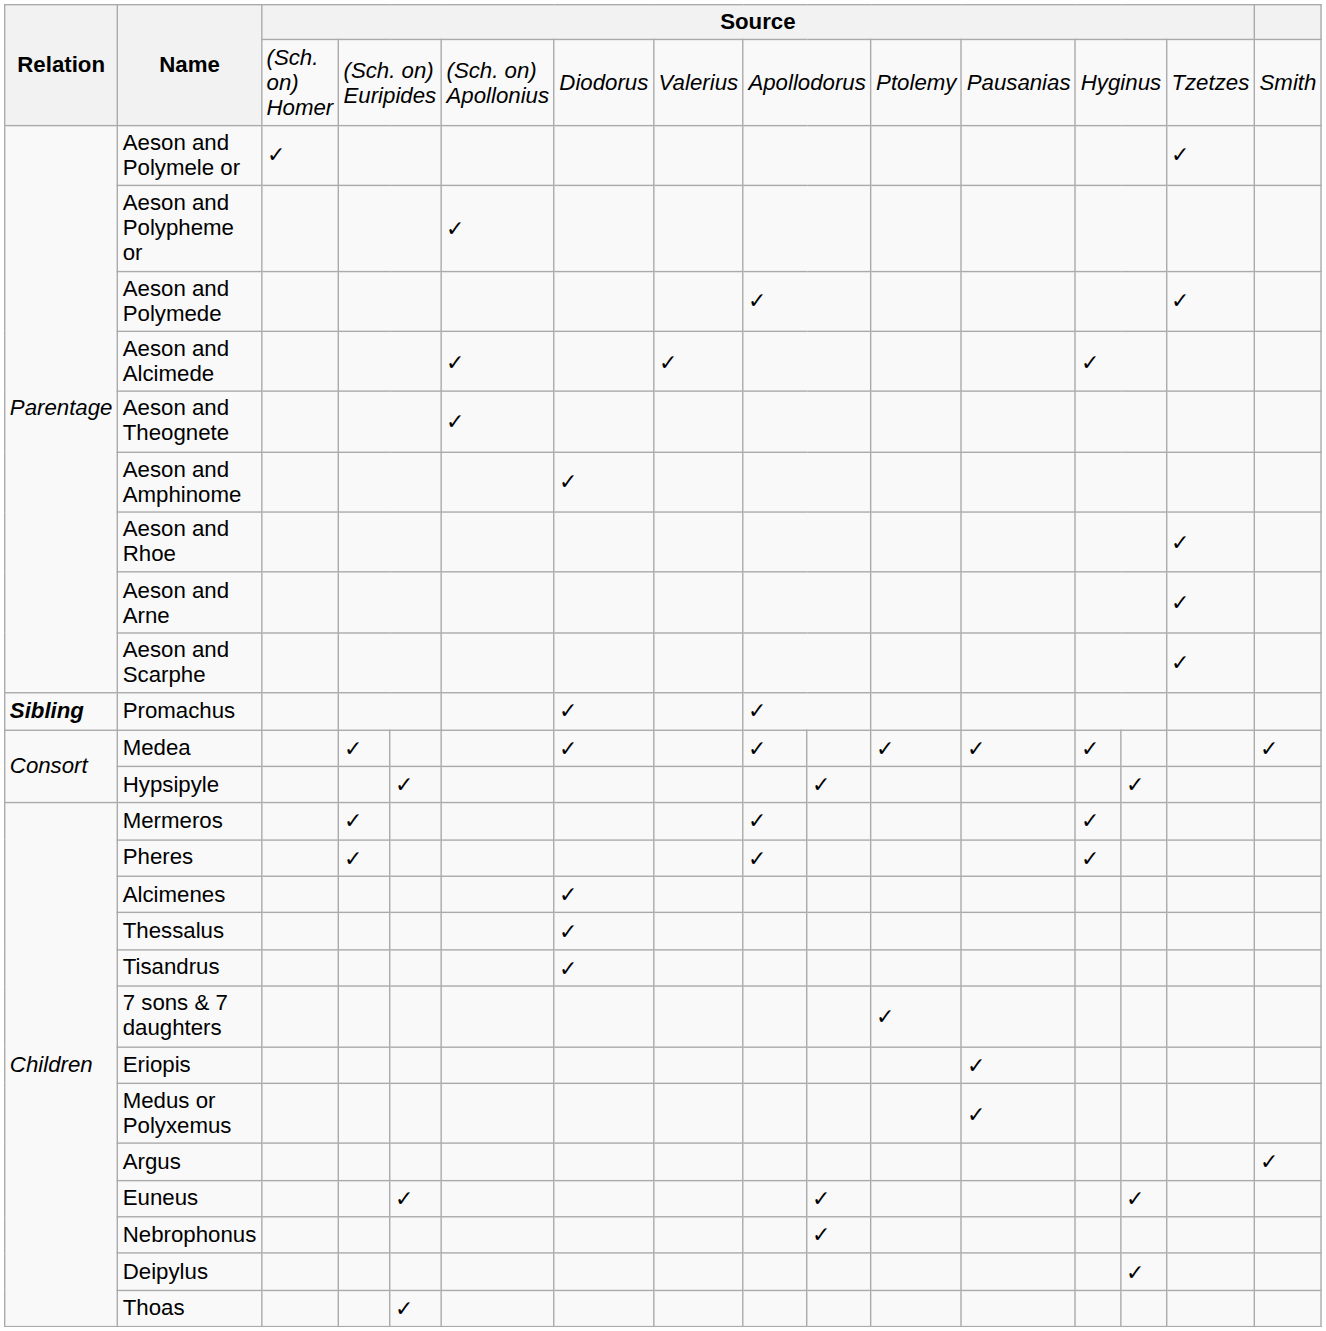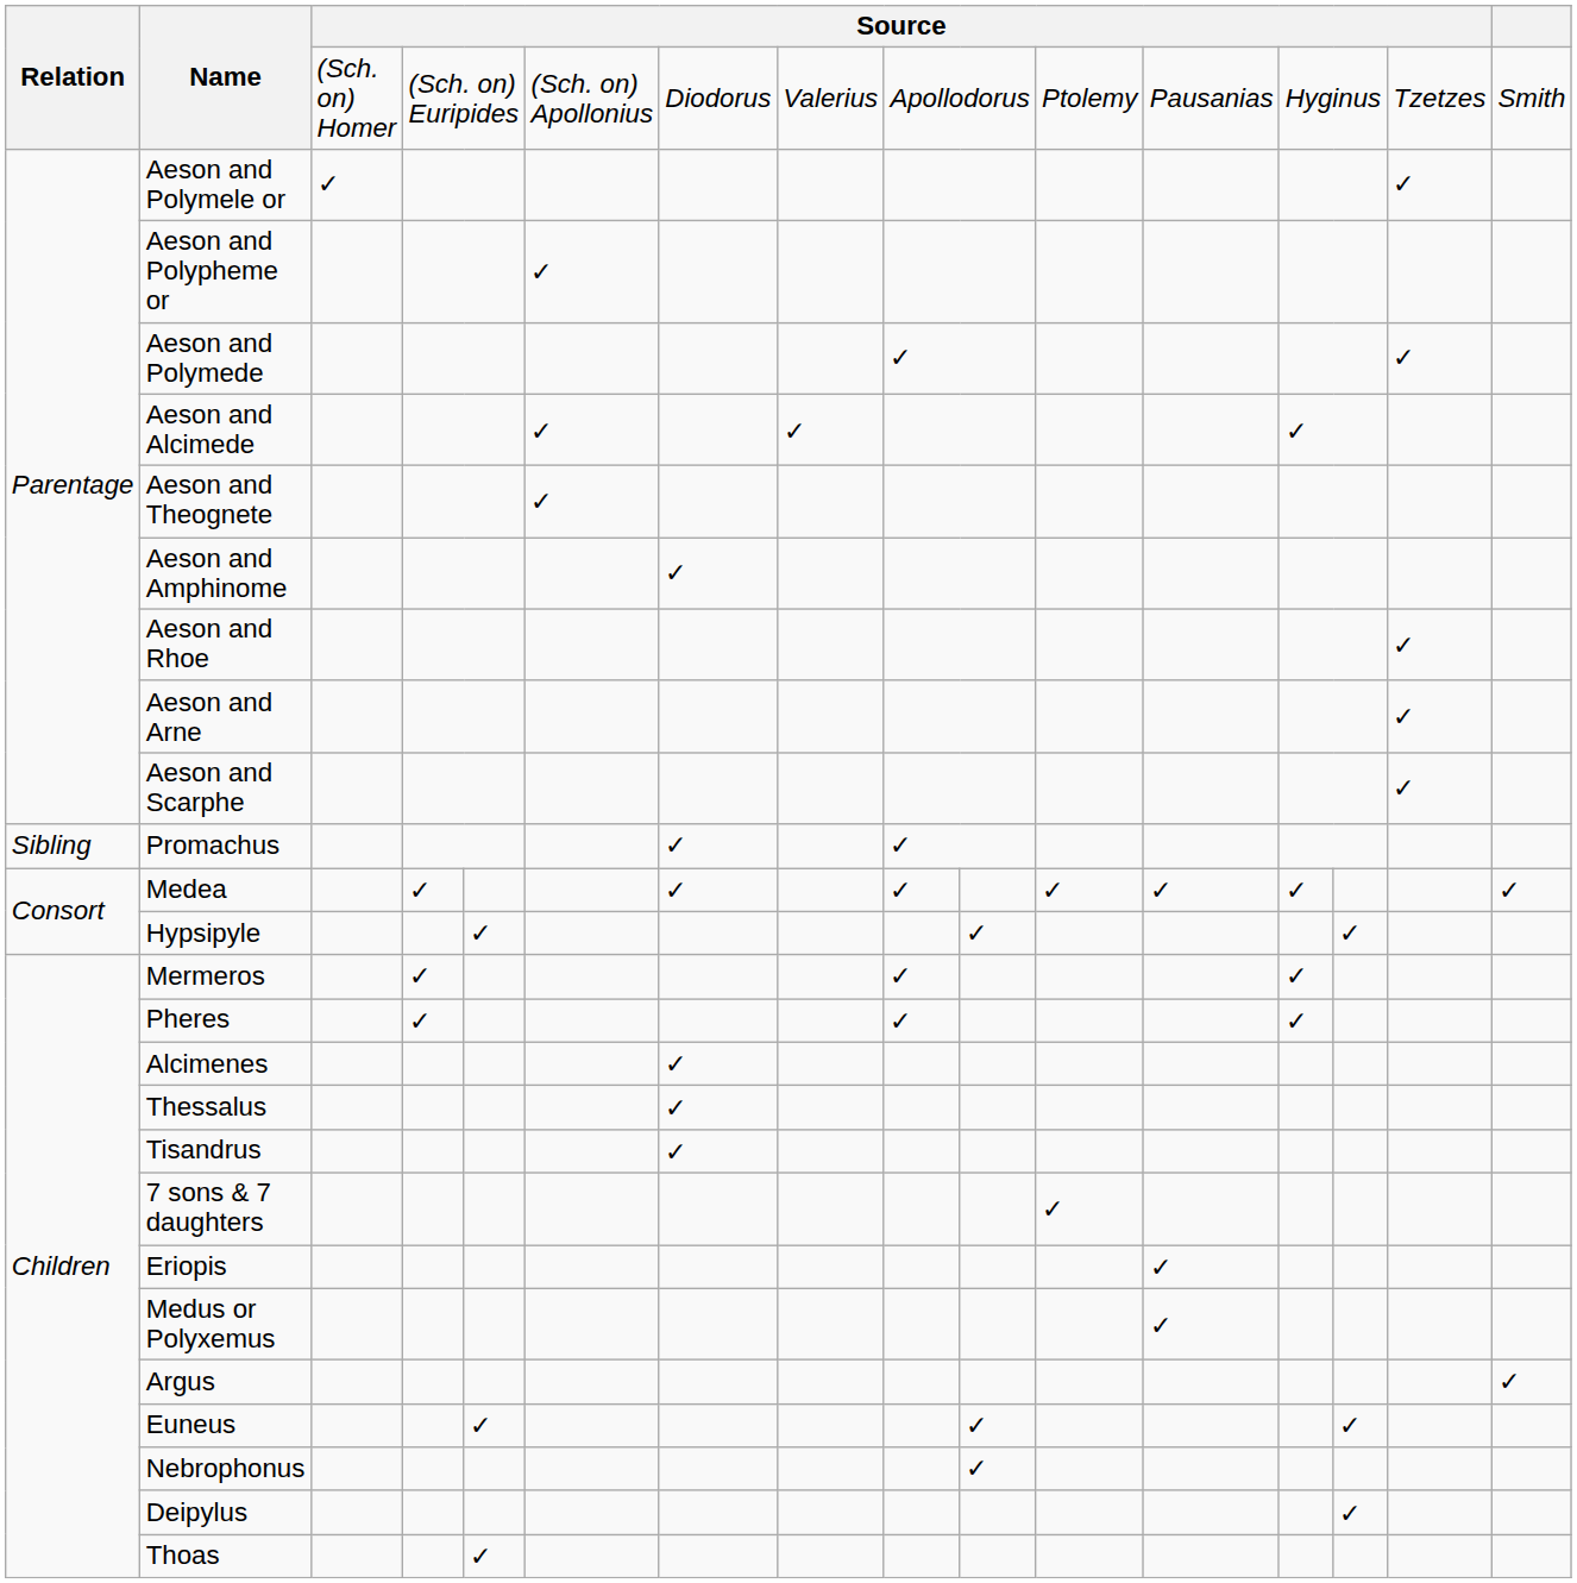 <table class="wikitable">
 <tr>
 <th rowspan="2">Relation</th>
 <th rowspan="2">Name</th>
 <th colspan="13">Source</th>
 <th></th>
 </tr>
 <tr>
 <td><em>(Sch. on) Homer</em></td>
 <td colspan="2"><em>(Sch. on) Euripides</em></td>
 <td><em>(Sch. on) Apollonius</em></td>
 <td><em>Diodorus</em></td>
 <td><em>Valerius</em></td>
 <td colspan="2"><em>Apollodorus</em></td>
 <td><em>Ptolemy</em></td>
 <td><em>Pausanias</em></td>
 <td colspan="2"><em>Hyginus</em></td>
 <td><em>Tzetzes</em></td>
 <td><em>Smith</em></td>
 </tr>
 <tr>
 <td rowspan="9"><em>Parentage</em></td>
 <td>Aeson and Polymele or</td>
 <td>✓</td>
 <td colspan="2"></td>
 <td></td>
 <td></td>
 <td></td>
 <td colspan="2"></td>
 <td></td>
 <td></td>
 <td colspan="2"></td>
 <td>✓</td>
 <td></td>
 </tr>
 <tr>
 <td>Aeson and Polypheme or</td>
 <td></td>
 <td colspan="2"></td>
 <td>✓</td>
 <td></td>
 <td></td>
 <td colspan="2"></td>
 <td></td>
 <td></td>
 <td colspan="2"></td>
 <td></td>
 <td></td>
 </tr>
 <tr>
 <td>Aeson and Polymede</td>
 <td></td>
 <td colspan="2"></td>
 <td></td>
 <td></td>
 <td></td>
 <td colspan="2">✓</td>
 <td></td>
 <td></td>
 <td colspan="2"></td>
 <td>✓</td>
 <td></td>
 </tr>
 <tr>
 <td>Aeson and Alcimede</td>
 <td></td>
 <td colspan="2"></td>
 <td>✓</td>
 <td></td>
 <td>✓</td>
 <td colspan="2"></td>
 <td></td>
 <td></td>
 <td colspan="2">✓</td>
 <td></td>
 <td></td>
 </tr>
 <tr>
 <td>Aeson and Theognete</td>
 <td></td>
 <td colspan="2"></td>
 <td>✓</td>
 <td></td>
 <td></td>
 <td colspan="2"></td>
 <td></td>
 <td></td>
 <td colspan="2"></td>
 <td></td>
 <td></td>
 </tr>
 <tr>
 <td>Aeson and Amphinome</td>
 <td></td>
 <td colspan="2"></td>
 <td></td>
 <td>✓</td>
 <td></td>
 <td colspan="2"></td>
 <td></td>
 <td></td>
 <td colspan="2"></td>
 <td></td>
 <td></td>
 </tr>
 <tr>
 <td>Aeson and Rhoe</td>
 <td></td>
 <td colspan="2"></td>
 <td></td>
 <td></td>
 <td></td>
 <td colspan="2"></td>
 <td></td>
 <td></td>
 <td colspan="2"></td>
 <td>✓</td>
 <td></td>
 </tr>
 <tr>
 <td>Aeson and Arne</td>
 <td></td>
 <td colspan="2"></td>
 <td></td>
 <td></td>
 <td></td>
 <td colspan="2"></td>
 <td></td>
 <td></td>
 <td colspan="2"></td>
 <td>✓</td>
 <td></td>
 </tr>
 <tr>
 <td>Aeson and Scarphe</td>
 <td></td>
 <td colspan="2"></td>
 <td></td>
 <td></td>
 <td></td>
 <td colspan="2"></td>
 <td></td>
 <td></td>
 <td colspan="2"></td>
 <td>✓</td>
 <td></td>
 </tr>
 <tr>
-<td><strong><em>Sibling</em></strong></td>
+<td><em>Sibling</em></td>
 <td>Promachus</td>
 <td></td>
 <td colspan="2"></td>
 <td></td>
 <td>✓</td>
 <td></td>
 <td colspan="2">✓</td>
 <td></td>
 <td></td>
 <td colspan="2"></td>
 <td></td>
 <td></td>
 </tr>
 <tr>
 <td rowspan="2"><em>Consort</em></td>
 <td>Medea</td>
 <td></td>
 <td>✓</td>
 <td></td>
 <td></td>
 <td>✓</td>
 <td></td>
 <td>✓</td>
 <td></td>
 <td>✓</td>
 <td>✓</td>
 <td>✓</td>
 <td></td>
 <td></td>
 <td>✓</td>
 </tr>
 <tr>
 <td>Hypsipyle</td>
 <td></td>
 <td></td>
 <td>✓</td>
 <td></td>
 <td></td>
 <td></td>
 <td></td>
 <td>✓</td>
 <td></td>
 <td></td>
 <td></td>
 <td>✓</td>
 <td></td>
 <td></td>
 </tr>
 <tr>
 <td rowspan="13"><em>Children</em></td>
 <td>Mermeros</td>
 <td></td>
 <td>✓</td>
 <td></td>
 <td></td>
 <td></td>
 <td></td>
 <td>✓</td>
 <td></td>
 <td></td>
 <td></td>
 <td>✓</td>
 <td></td>
 <td></td>
 <td></td>
 </tr>
 <tr>
 <td>Pheres</td>
 <td></td>
 <td>✓</td>
 <td></td>
 <td></td>
 <td></td>
 <td></td>
 <td>✓</td>
 <td></td>
 <td></td>
 <td></td>
 <td>✓</td>
 <td></td>
 <td></td>
 <td></td>
 </tr>
 <tr>
 <td>Alcimenes</td>
 <td></td>
 <td></td>
 <td></td>
 <td></td>
 <td>✓</td>
 <td></td>
 <td></td>
 <td></td>
 <td></td>
 <td></td>
 <td></td>
 <td></td>
 <td></td>
 <td></td>
 </tr>
 <tr>
 <td>Thessalus</td>
 <td></td>
 <td></td>
 <td></td>
 <td></td>
 <td>✓</td>
 <td></td>
 <td></td>
 <td></td>
 <td></td>
 <td></td>
 <td></td>
 <td></td>
 <td></td>
 <td></td>
 </tr>
 <tr>
 <td>Tisandrus</td>
 <td></td>
 <td></td>
 <td></td>
 <td></td>
 <td>✓</td>
 <td></td>
 <td></td>
 <td></td>
 <td></td>
 <td></td>
 <td></td>
 <td></td>
 <td></td>
 <td></td>
 </tr>
 <tr>
 <td>7 sons & 7 daughters</td>
 <td></td>
 <td></td>
 <td></td>
 <td></td>
 <td></td>
 <td></td>
 <td></td>
 <td></td>
 <td>✓</td>
 <td></td>
 <td></td>
 <td></td>
 <td></td>
 <td></td>
 </tr>
 <tr>
 <td>Eriopis</td>
 <td></td>
 <td></td>
 <td></td>
 <td></td>
 <td></td>
 <td></td>
 <td></td>
 <td></td>
 <td></td>
 <td>✓</td>
 <td></td>
 <td></td>
 <td></td>
 <td></td>
 </tr>
 <tr>
 <td>Medus or Polyxemus</td>
 <td></td>
 <td></td>
 <td></td>
 <td></td>
 <td></td>
 <td></td>
 <td></td>
 <td></td>
 <td></td>
 <td>✓</td>
 <td></td>
 <td></td>
 <td></td>
 <td></td>
 </tr>
 <tr>
 <td>Argus</td>
 <td></td>
 <td></td>
 <td></td>
 <td></td>
 <td></td>
 <td></td>
 <td></td>
 <td></td>
 <td></td>
 <td></td>
 <td></td>
 <td></td>
 <td></td>
 <td>✓</td>
 </tr>
 <tr>
 <td>Euneus</td>
 <td></td>
 <td></td>
 <td>✓</td>
 <td></td>
 <td></td>
 <td></td>
 <td></td>
 <td>✓</td>
 <td></td>
 <td></td>
 <td></td>
 <td>✓</td>
 <td></td>
 <td></td>
 </tr>
 <tr>
 <td>Nebrophonus</td>
 <td></td>
 <td></td>
 <td></td>
 <td></td>
 <td></td>
 <td></td>
 <td></td>
 <td>✓</td>
 <td></td>
 <td></td>
 <td></td>
 <td></td>
 <td></td>
 <td></td>
 </tr>
 <tr>
 <td>Deipylus</td>
 <td></td>
 <td></td>
 <td></td>
 <td></td>
 <td></td>
 <td></td>
 <td></td>
 <td></td>
 <td></td>
 <td></td>
 <td></td>
 <td>✓</td>
 <td></td>
 <td></td>
 </tr>
 <tr>
 <td>Thoas</td>
 <td></td>
 <td></td>
 <td>✓</td>
 <td></td>
 <td></td>
 <td></td>
 <td></td>
 <td></td>
 <td></td>
 <td></td>
 <td></td>
 <td></td>
 <td></td>
 <td></td>
 </tr>
 </table>
